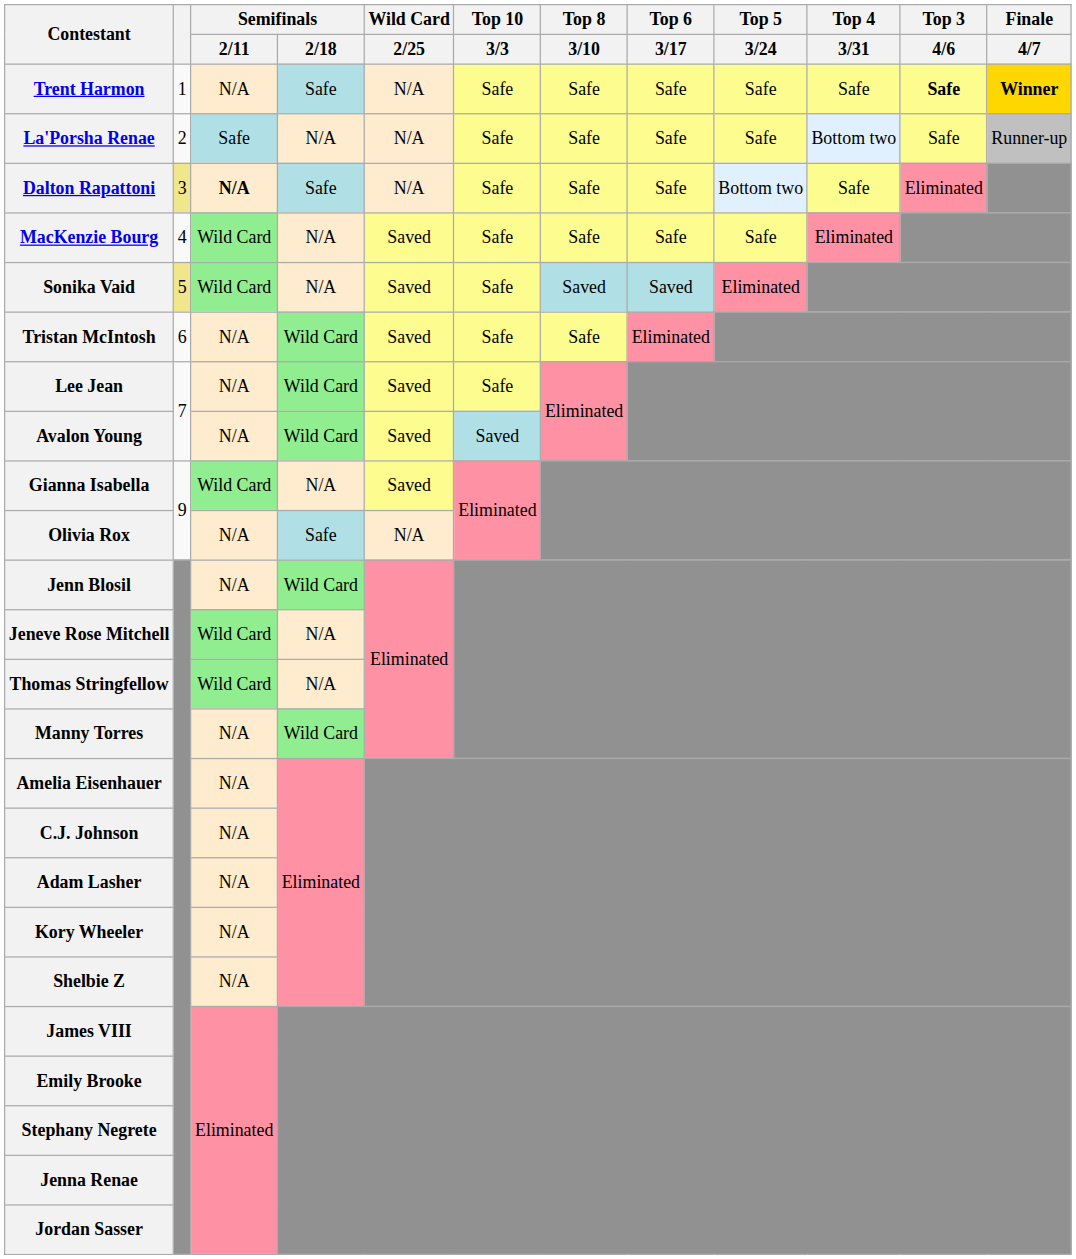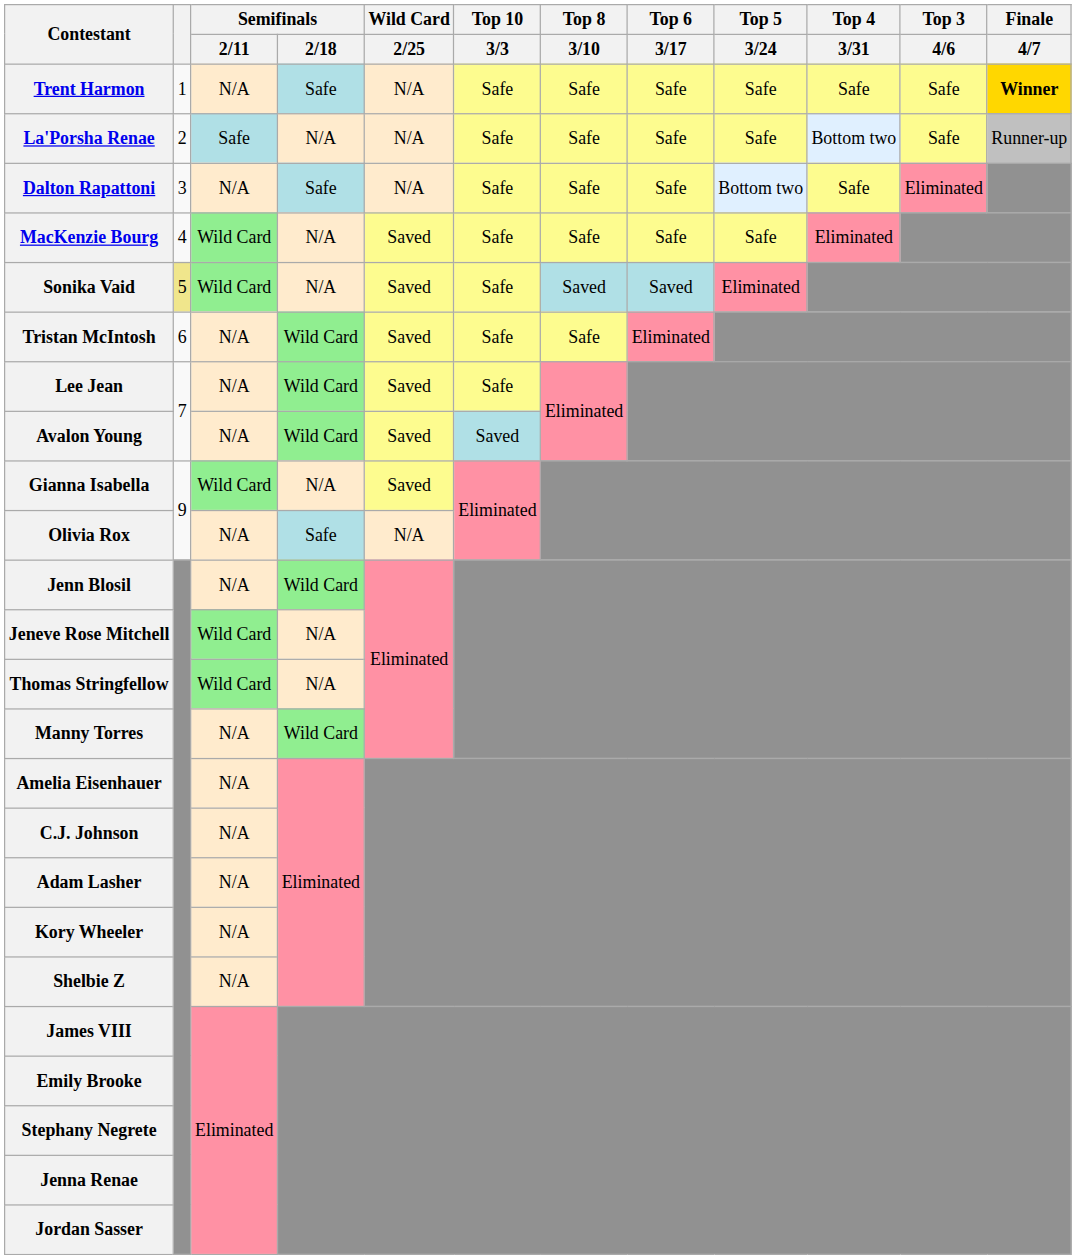 <table class="wikitable" style="text-align:center; font-size:90%;">
 <tr>
 <th scope="col" rowspan="2">Contestant</th>
 <th scope="col" rowspan="2"></th>
 <th scope="col" colspan="2">Semifinals</th>
 <th scope="col">Wild Card</th>
 <th scope="col">Top 10</th>
 <th scope="col">Top 8</th>
 <th scope="col">Top 6</th>
 <th scope="col">Top 5</th>
 <th scope="col">Top 4</th>
 <th scope="col">Top 3</th>
 <th scope="col">Finale</th>
 </tr>
 <tr>
 <th>2/11</th>
 <th>2/18</th>
 <th>2/25</th>
 <th>3/3</th>
 <th>3/10</th>
 <th>3/17</th>
 <th>3/24</th>
 <th>3/31</th>
 <th>4/6</th>
 <th>4/7</th>
 </tr>
 <tr style="height:40px">
 <th scope="row"><a href='#'>Trent Harmon</a></th>
 <td>1</td>
 <td style="background:#FFEBCD;">N/A</td>
 <td style="background:#B0E0E6;">Safe</td>
 <td style="background:#FFEBCD;">N/A</td>
 <td style="background:#FDFC8F;">Safe</td>
 <td style="background:#FDFC8F;">Safe</td>
 <td style="background:#FDFC8F;">Safe</td>
 <td style="background:#FDFC8F;">Safe</td>
 <td style="background:#FDFC8F;">Safe</td>
-<td style="background:#FDFC8F;"><strong>Safe</strong></td>
+<td style="background:#FDFC8F;">Safe</td>
 <td style="background:gold"><strong>Winner</strong></td>
 </tr>
 <tr style="height:40px">
 <th scope="row"><a href='#'>La'Porsha Renae</a></th>
 <td>2</td>
 <td style="background:#B0E0E6;">Safe</td>
 <td style="background:#FFEBCD;">N/A</td>
 <td style="background:#FFEBCD;">N/A</td>
 <td style="background:#FDFC8F;">Safe</td>
 <td style="background:#FDFC8F;">Safe</td>
 <td style="background:#FDFC8F;">Safe</td>
 <td style="background:#FDFC8F;">Safe</td>
 <td style="background:#e0f0ff">Bottom two</td>
 <td style="background:#FDFC8F;">Safe</td>
 <td style="background:silver;">Runner-up</td>
 </tr>
 <tr style="height:40px">
 <th scope="row"><a href='#'>Dalton Rapattoni</a></th>
-<td style="background: khaki;">3</td>
-<td style="background:#FFEBCD;"><strong>N/A</strong></td>
+<td>3</td>
+<td style="background:#FFEBCD;">N/A</td>
 <td style="background:#B0E0E6;">Safe</td>
 <td style="background:#FFEBCD;">N/A</td>
 <td style="background:#FDFC8F;">Safe</td>
 <td style="background:#FDFC8F;">Safe</td>
 <td style="background:#FDFC8F;">Safe</td>
 <td style="background:#e0f0ff">Bottom two</td>
 <td style="background:#FDFC8F;">Safe</td>
 <td style="background:#FF91A4">Eliminated</td>
 <td style="background:#919191"></td>
 </tr>
 <tr style="height:40px">
 <th scope="row"><a href='#'>MacKenzie Bourg</a></th>
 <td>4</td>
 <td bgcolor="lightgreen">Wild Card</td>
 <td style="background:#FFEBCD;">N/A</td>
 <td style="background:#FDFC8F;">Saved</td>
 <td style="background:#FDFC8F;">Safe</td>
 <td style="background:#FDFC8F;">Safe</td>
 <td style="background:#FDFC8F;">Safe</td>
 <td style="background:#FDFC8F;">Safe</td>
 <td style="background:#FF91A4">Eliminated</td>
 <td colspan="2" style="background:#919191"></td>
 </tr>
 <tr style="height:40px">
 <th scope="row">Sonika Vaid</th>
 <td style="background: khaki;">5</td>
 <td bgcolor="lightgreen">Wild Card</td>
 <td style="background:#FFEBCD;">N/A</td>
 <td style="background:#FDFC8F;">Saved</td>
 <td style="background:#FDFC8F;">Safe</td>
 <td style="background:#B0E0E6">Saved</td>
 <td style="background:#B0E0E6">Saved</td>
 <td style="background:#FF91A4">Eliminated</td>
 <td colspan="3" style="background:#919191"></td>
 </tr>
 <tr style="height:40px">
 <th scope="row">Tristan McIntosh</th>
 <td>6</td>
 <td style="background:#FFEBCD;">N/A</td>
 <td bgcolor="lightgreen">Wild Card</td>
 <td style="background:#FDFC8F;">Saved</td>
 <td style="background:#FDFC8F;">Safe</td>
 <td style="background:#FDFC8F;">Safe</td>
 <td style="background:#FF91A4">Eliminated</td>
 <td colspan="4" style="background:#919191"></td>
 </tr>
 <tr style="height:40px">
 <th scope="row">Lee Jean</th>
 <td rowspan="2">7</td>
 <td style="background:#FFEBCD;">N/A</td>
 <td bgcolor="lightgreen">Wild Card</td>
 <td style="background:#FDFC8F;">Saved</td>
 <td style="background:#FDFC8F;">Safe</td>
 <td rowspan="2" style="background:#FF91A4">Eliminated</td>
 <td colspan="5" rowspan="2" style="background:#919191"></td>
 </tr>
 <tr style="height:40px">
 <th scope="row">Avalon Young</th>
 <td style="background:#FFEBCD;">N/A</td>
 <td bgcolor="lightgreen">Wild Card</td>
 <td style="background:#FDFC8F;">Saved</td>
 <td style="background:#B0E0E6">Saved</td>
 </tr>
 <tr style="height:40px">
 <th scope="row">Gianna Isabella</th>
 <td rowspan="2">9</td>
 <td bgcolor="lightgreen">Wild Card</td>
 <td style="background:#FFEBCD;">N/A</td>
 <td style="background:#FDFC8F;">Saved</td>
 <td rowspan="2" style="background:#FF91A4">Eliminated</td>
 <td colspan="6" rowspan="2" style="background:#919191"></td>
 </tr>
 <tr style="height:40px">
 <th scope="row">Olivia Rox</th>
 <td style="background:#FFEBCD;">N/A</td>
 <td style="background:#B0E0E6;">Safe</td>
 <td style="background:#FFEBCD;">N/A</td>
 </tr>
 <tr style="height:40px">
 <th scope="row">Jenn Blosil</th>
 <td rowspan="14" bgcolor="919191"></td>
 <td style="background:#FFEBCD;">N/A</td>
 <td bgcolor="lightgreen">Wild Card</td>
 <td rowspan="4" style="background:#FF91A4">Eliminated</td>
 <td colspan="7" rowspan="4" style="background:#919191"></td>
 </tr>
 <tr style="height:40px">
 <th scope="row">Jeneve Rose Mitchell</th>
 <td bgcolor="lightgreen">Wild Card</td>
 <td style="background:#FFEBCD;">N/A</td>
 </tr>
 <tr style="height:40px">
 <th scope="row">Thomas Stringfellow</th>
 <td bgcolor="lightgreen">Wild Card</td>
 <td style="background:#FFEBCD;">N/A</td>
 </tr>
 <tr style="height:40px">
 <th scope="row">Manny Torres</th>
 <td style="background:#FFEBCD;">N/A</td>
 <td bgcolor="lightgreen">Wild Card</td>
 </tr>
 <tr style="height:40px">
 <th scope="row">Amelia Eisenhauer</th>
 <td style="background:#FFEBCD;">N/A</td>
 <td rowspan="5" style="background:#FF91A4">Eliminated</td>
 <td colspan="8" rowspan="5" style="background:#919191"></td>
 </tr>
 <tr style="height:40px">
 <th scope="row">C.J. Johnson</th>
 <td style="background:#FFEBCD;">N/A</td>
 </tr>
 <tr style="height:40px">
 <th scope="row">Adam Lasher</th>
 <td style="background:#FFEBCD;">N/A</td>
 </tr>
 <tr style="height:40px">
 <th scope="row">Kory Wheeler</th>
 <td style="background:#FFEBCD;">N/A</td>
 </tr>
 <tr style="height:40px">
 <th scope="row">Shelbie Z</th>
 <td style="background:#FFEBCD;">N/A</td>
 </tr>
 <tr style="height:40px">
 <th scope="row">James VIII</th>
 <td rowspan="5" style="background:#FF91A4">Eliminated</td>
 <td colspan="9" rowspan="5" style="background:#919191"></td>
 </tr>
 <tr style="height:40px">
 <th scope="row">Emily Brooke</th>
 </tr>
 <tr style="height:40px">
 <th scope="row">Stephany Negrete</th>
 </tr>
 <tr style="height:40px">
 <th scope="row">Jenna Renae</th>
 </tr>
 <tr style="height:40px">
 <th scope="row">Jordan Sasser</th>
 </tr>
 </table>
